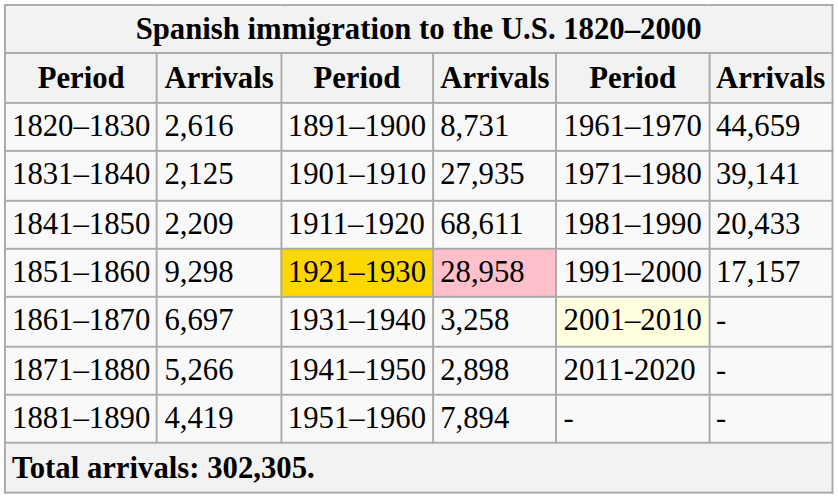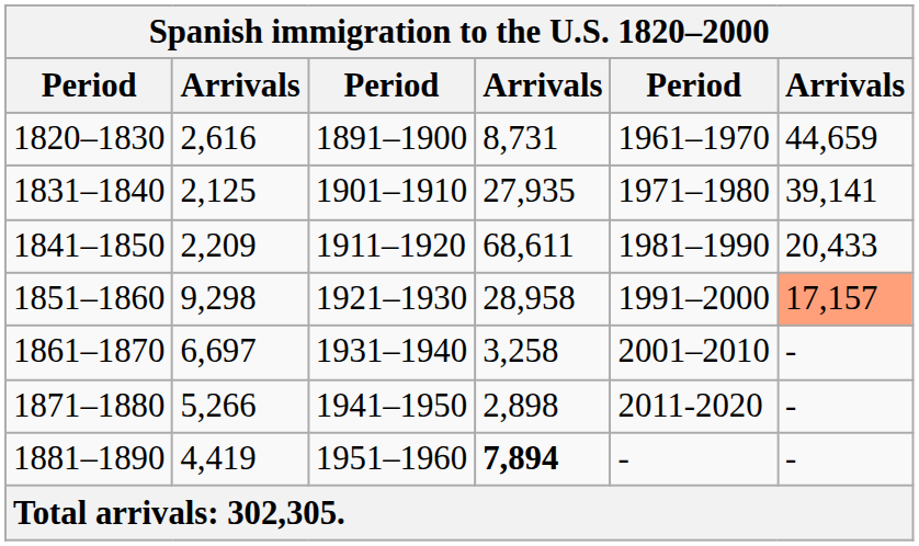 <table class="wikitable sortable floatright">
 <tr>
 <th colspan=6>Spanish immigration to the U.S. 1820–2000</th>
 </tr>
 <tr>
 <th>Period</th>
 <th>Arrivals</th>
 <th>Period</th>
 <th>Arrivals</th>
 <th>Period</th>
 <th>Arrivals</th>
 </tr>
 <tr>
 <td>1820–1830</td>
 <td>2,616</td>
 <td>1891–1900</td>
 <td>8,731</td>
 <td>1961–1970</td>
 <td>44,659</td>
 </tr>
 <tr>
 <td>1831–1840</td>
 <td>2,125</td>
 <td>1901–1910</td>
 <td>27,935</td>
 <td>1971–1980</td>
 <td>39,141</td>
 </tr>
 <tr>
 <td>1841–1850</td>
 <td>2,209</td>
 <td>1911–1920</td>
 <td>68,611</td>
 <td>1981–1990</td>
 <td>20,433</td>
 </tr>
 <tr>
 <td>1851–1860</td>
 <td>9,298</td>
-<td style="background: gold;">1921–1930</td>
-<td style="background: pink;">28,958</td>
+<td>1921–1930</td>
+<td>28,958</td>
 <td>1991–2000</td>
-<td>17,157</td>
+<td style="background: lightsalmon;">17,157</td>
 </tr>
 <tr>
 <td>1861–1870</td>
 <td>6,697</td>
 <td>1931–1940</td>
 <td>3,258</td>
-<td style="background: lightyellow;">2001–2010</td>
+<td>2001–2010</td>
 <td>-</td>
 </tr>
 <tr>
 <td>1871–1880</td>
 <td>5,266</td>
 <td>1941–1950</td>
 <td>2,898</td>
 <td>2011-2020</td>
 <td>-</td>
 </tr>
 <tr>
 <td>1881–1890</td>
 <td>4,419</td>
 <td>1951–1960</td>
-<td>7,894</td>
+<td><strong>7,894</strong></td>
 <td>-</td>
 <td>-</td>
 </tr>
 <tr>
 <th colspan=6 style="text-align:left;">Total arrivals: 302,305.</th>
 </tr>
 </table>
